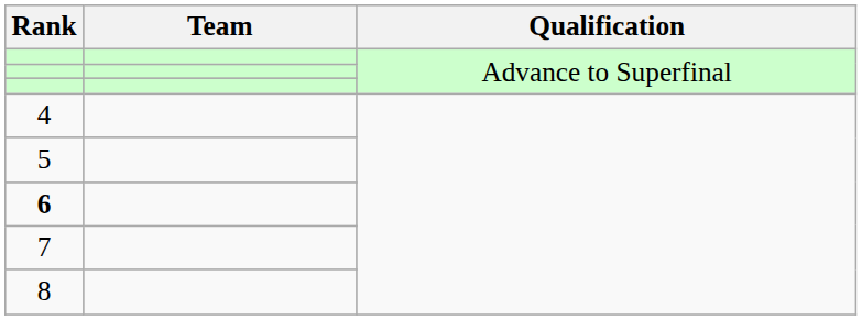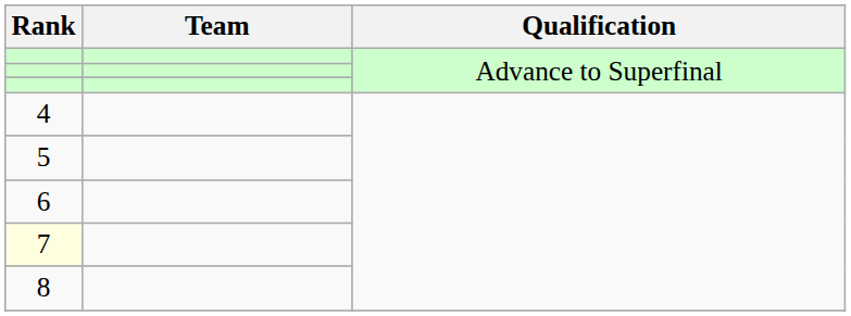 <table class="wikitable" style="text-align: center; font-size: 100%;">
 <tr>
 <th>Rank</th>
 <th width=150>Team</th>
 <th width=280>Qualification</th>
 </tr>
 <tr bgcolor="#ccffcc">
 <td></td>
 <td align=left><strong></strong></td>
 <td rowspan=3>Advance to Superfinal</td>
 </tr>
 <tr bgcolor="#ccffcc">
 <td></td>
 <td align=left><strong></strong></td>
 </tr>
 <tr bgcolor="#ccffcc">
 <td></td>
 <td align=left><strong></strong></td>
 </tr>
 <tr>
 <td>4</td>
 <td align=left></td>
 <td rowspan=7></td>
 </tr>
 <tr>
 <td>5</td>
 <td align=left></td>
 </tr>
 <tr>
-<td><strong>6</strong></td>
+<td>6</td>
 <td align=left></td>
 </tr>
 <tr>
-<td>7</td>
+<td style="background: lightyellow;">7</td>
 <td align=left></td>
 </tr>
 <tr>
 <td>8</td>
 <td align=left></td>
 </tr>
 </table>
